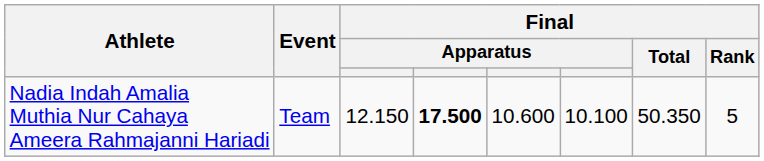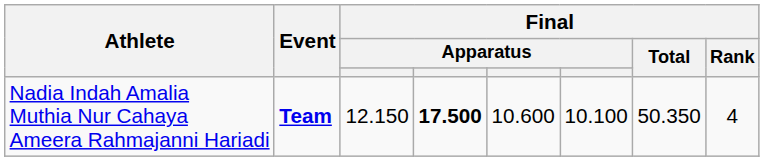 <table class="wikitable" style="text-align:center; font-size:88%">
 <tr>
 <th rowspan=3>Athlete</th>
 <th rowspan=3>Event</th>
 <th colspan =6>Final</th>
 </tr>
 <tr style="font-size:88%">
 <th colspan=4>Apparatus</th>
 <th rowspan=2>Total</th>
 <th rowspan=2>Rank</th>
 </tr>
 <tr style="font-size:88%">
 <th></th>
 <th></th>
 <th></th>
 <th></th>
 </tr>
 <tr>
 <td align=left><a href='#'>Nadia Indah Amalia</a><br><a href='#'>Muthia Nur Cahaya</a><br><a href='#'>Ameera Rahmajanni Hariadi</a></td>
-<td align=left><a href='#'>Team</a></td>
+<td align=left><strong><a href='#'>Team</a></strong></td>
 <td>12.150</td>
 <td><strong>17.500</strong></td>
 <td>10.600</td>
 <td>10.100</td>
 <td>50.350</td>
-<td>5</td>
+<td>4</td>
 </tr>
 </table>
